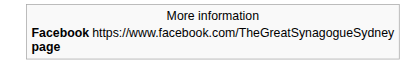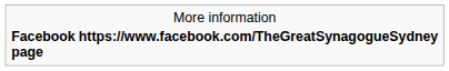 <table class=infobox width=200px>
 <tr>
 <td colspan=2 align=center>More information</td>
 </tr>
 <tr>
 <td><strong>Facebook page</strong></td>
-<td>https://www.facebook.com/TheGreatSynagogueSydney</td>
+<td><strong>https://www.facebook.com/TheGreatSynagogueSydney</strong></td>
 </tr>
 </table>
